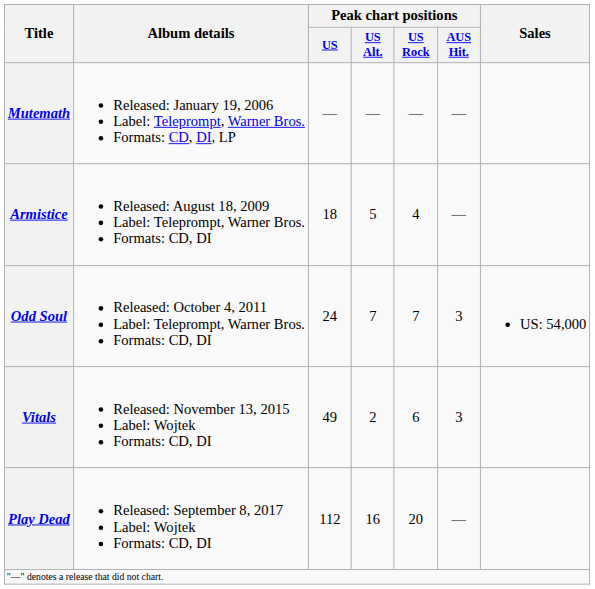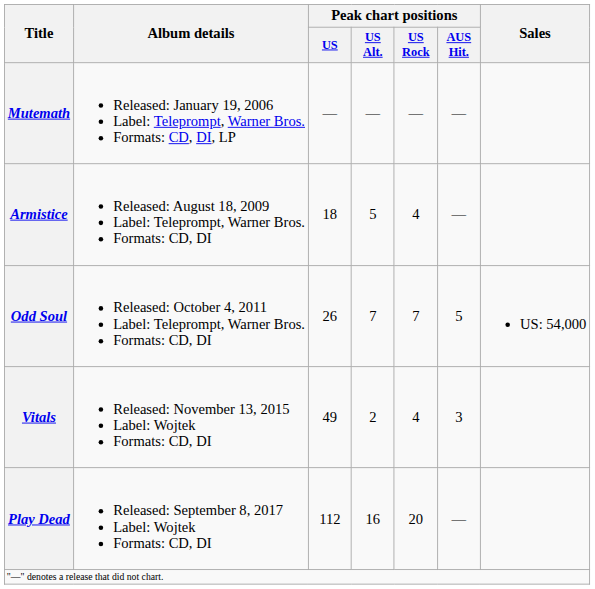 <table class="wikitable plainrowheaders">
 <tr>
 <th rowspan="2">Title</th>
 <th rowspan="2">Album details</th>
 <th colspan="4">Peak chart positions</th>
 <th rowspan="2">Sales</th>
 </tr>
 <tr>
 <th style="width:3em;font-size:85%"><a href='#'>US</a><br></th>
 <th style="width:3em;font-size:85%"><a href='#'>US<br>Alt.</a><br></th>
 <th style="width:3em;font-size:85%"><a href='#'>US<br>Rock</a><br></th>
 <th style="width:3em;font-size:85%"><a href='#'>AUS<br>Hit.</a><br></th>
 </tr>
 <tr>
 <th scope="row"><em><a href='#'>Mutemath</a></em></th>
 <td><br><ul><li>Released: January 19, 2006</li><li>Label: <a href='#'>Teleprompt</a>, <a href='#'>Warner Bros.</a></li><li>Formats: <a href='#'>CD</a>, <a href='#'>DI</a>, LP</li></ul></td>
 <td style="text-align:center;">—</td>
 <td style="text-align:center;">—</td>
 <td style="text-align:center;">—</td>
 <td style="text-align:center;">—</td>
 <td></td>
 </tr>
 <tr>
 <th scope="row"><em><a href='#'>Armistice</a></em></th>
 <td><br><ul><li>Released: August 18, 2009</li><li>Label: Teleprompt, Warner Bros.</li><li>Formats: CD, DI</li></ul></td>
 <td style="text-align:center;">18</td>
 <td style="text-align:center;">5</td>
 <td style="text-align:center;">4</td>
 <td style="text-align:center;">—</td>
 <td></td>
 </tr>
 <tr>
 <th scope="row"><em><a href='#'>Odd Soul</a></em></th>
 <td><br><ul><li>Released: October 4, 2011</li><li>Label: Teleprompt, Warner Bros.</li><li>Formats: CD, DI</li></ul></td>
-<td style="text-align:center;">24</td>
+<td style="text-align:center;">26</td>
 <td style="text-align:center;">7</td>
 <td style="text-align:center;">7</td>
-<td style="text-align:center;">3</td>
+<td style="text-align:center;">5</td>
 <td><br><ul><li>US: 54,000</li></ul></td>
 </tr>
 <tr>
 <th scope="row"><em><a href='#'>Vitals</a></em></th>
 <td><br><ul><li>Released: November 13, 2015</li><li>Label: Wojtek</li><li>Formats: CD, DI</li></ul></td>
 <td style="text-align:center;">49</td>
 <td style="text-align:center;">2</td>
-<td style="text-align:center;">6</td>
+<td style="text-align:center;">4</td>
 <td style="text-align:center;">3</td>
 <td></td>
 </tr>
 <tr>
 <th scope="row"><em><a href='#'>Play Dead</a></em></th>
 <td><br><ul><li>Released: September 8, 2017</li><li>Label: Wojtek</li><li>Formats: CD, DI</li></ul></td>
 <td style="text-align:center;">112</td>
 <td style="text-align:center;">16</td>
 <td style="text-align:center;">20</td>
 <td style="text-align:center;">—</td>
 <td></td>
 </tr>
 <tr>
 <td colspan="10" style="text-al8gn:center; font-size:8pt;">"—" denotes a release that did not chart.</td>
 </tr>
 </table>
